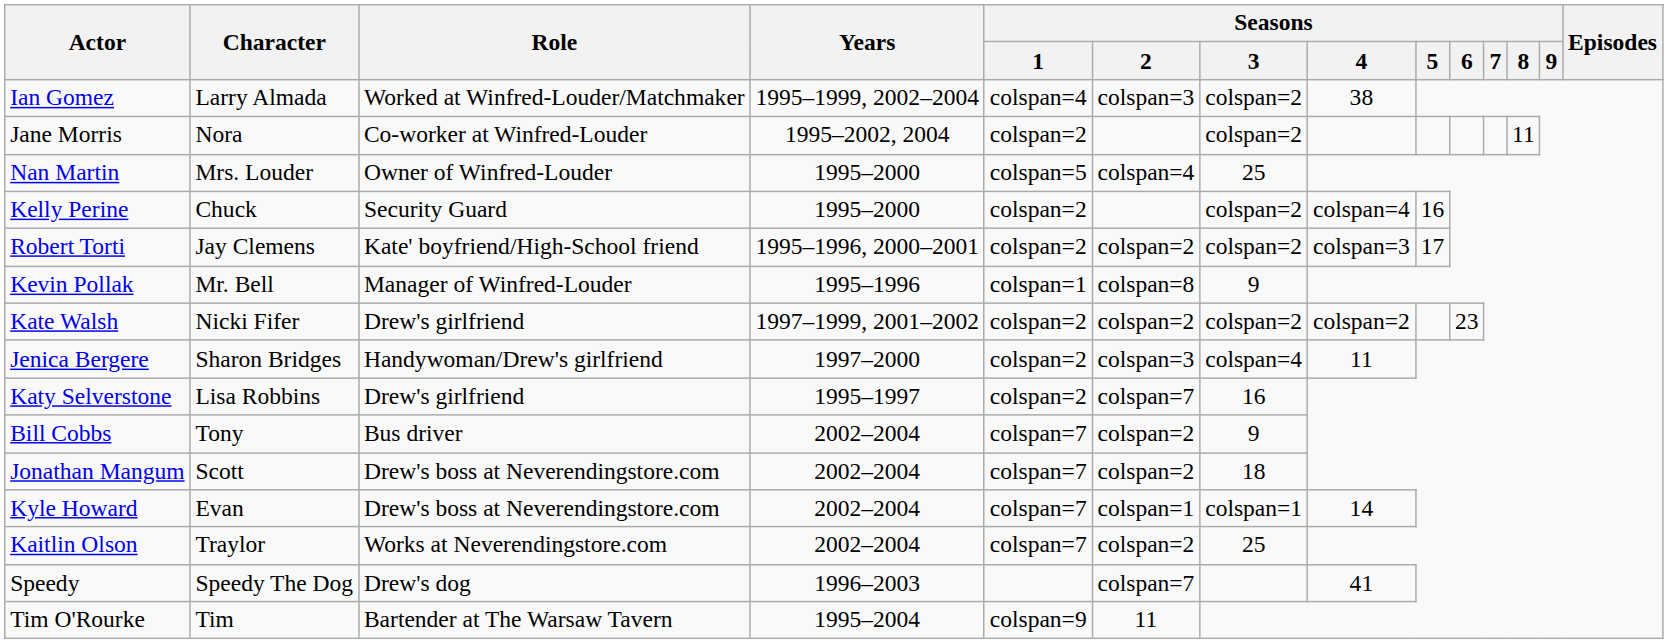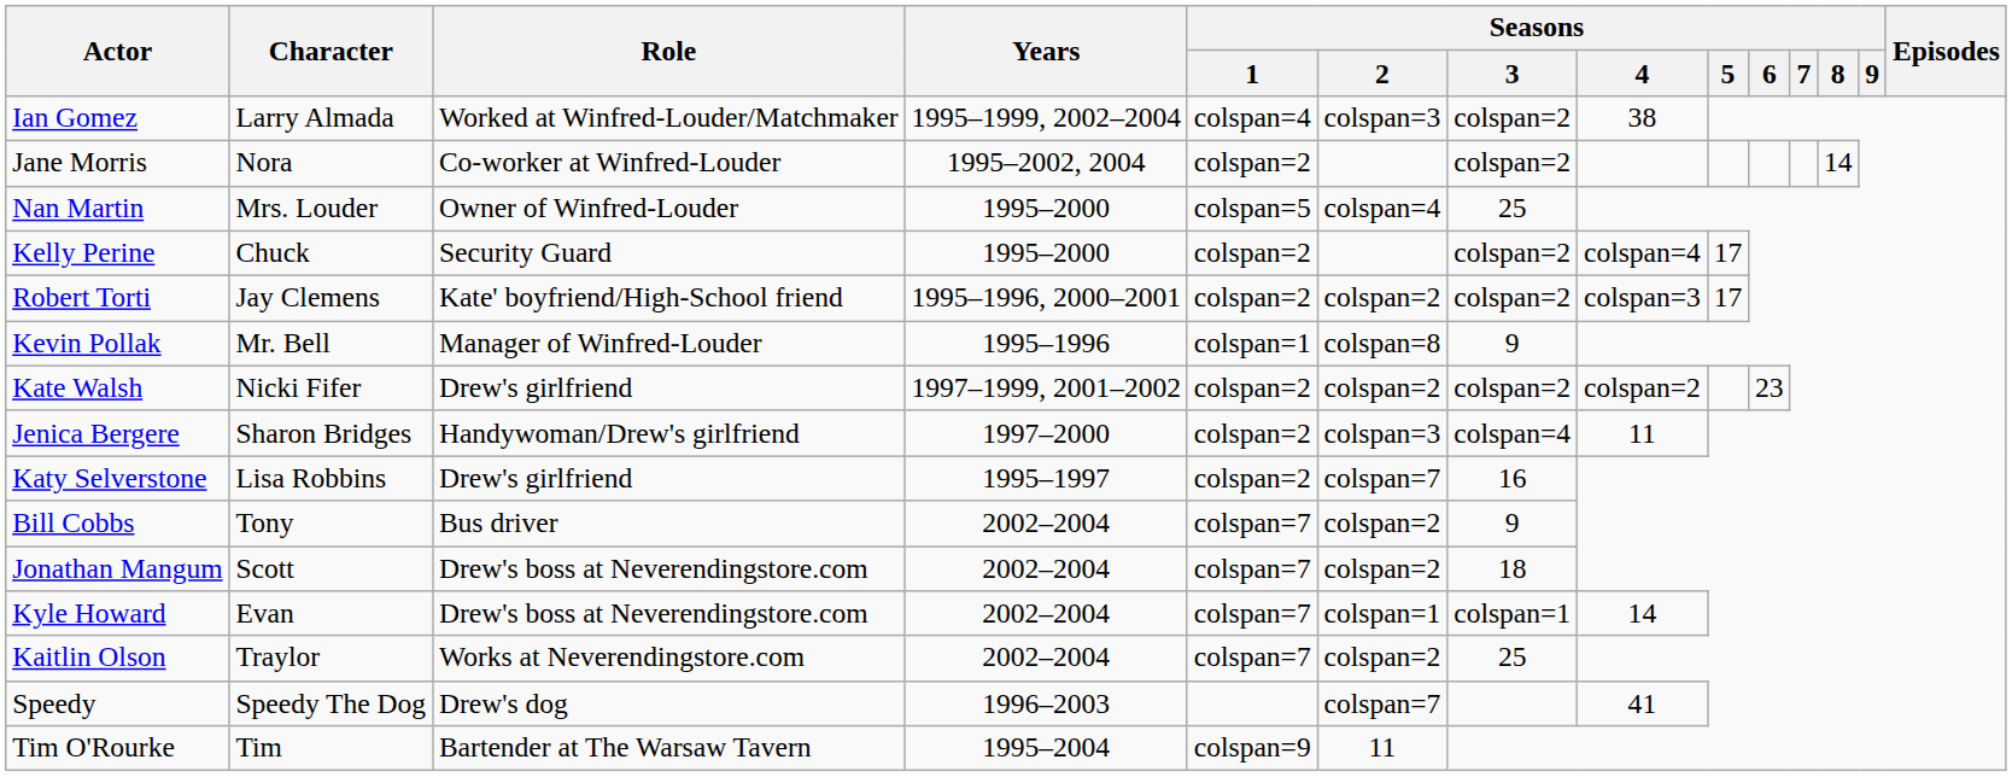 <table class="wikitable sortable">
 <tr>
 <th rowspan="2">Actor</th>
 <th rowspan="2">Character</th>
 <th rowspan="2">Role</th>
 <th rowspan="2">Years</th>
 <th colspan="9">Seasons</th>
 <th rowspan="2">Episodes</th>
 </tr>
 <tr>
 <th>1</th>
 <th>2</th>
 <th>3</th>
 <th>4</th>
 <th>5</th>
 <th>6</th>
 <th>7</th>
 <th>8</th>
 <th>9</th>
 </tr>
 <tr>
 <td><a href='#'>Ian Gomez</a></td>
 <td>Larry Almada</td>
 <td>Worked at Winfred-Louder/Matchmaker</td>
 <td rowspan="1" align="center">1995–1999, 2002–2004</td>
 <td>colspan=4 </td>
 <td>colspan=3 </td>
 <td>colspan=2 </td>
 <td rowspan="1" align="center">38</td>
 </tr>
 <tr>
 <td>Jane Morris</td>
 <td>Nora</td>
 <td>Co-worker at Winfred-Louder</td>
 <td rowspan="1" align="center">1995–2002, 2004</td>
 <td>colspan=2 </td>
 <td></td>
 <td>colspan=2 </td>
 <td></td>
 <td></td>
 <td></td>
 <td></td>
-<td rowspan="1" align="center">11</td>
+<td rowspan="1" align="center">14</td>
 </tr>
 <tr>
 <td><a href='#'>Nan Martin</a></td>
 <td>Mrs. Louder</td>
 <td>Owner of Winfred-Louder</td>
 <td rowspan="1" align="center">1995–2000</td>
 <td>colspan=5 </td>
 <td>colspan=4 </td>
 <td rowspan="1" align="center">25</td>
 </tr>
 <tr>
 <td><a href='#'>Kelly Perine</a></td>
 <td>Chuck</td>
 <td>Security Guard</td>
 <td rowspan="1" align="center">1995–2000</td>
 <td>colspan=2 </td>
 <td></td>
 <td>colspan=2 </td>
 <td>colspan=4 </td>
-<td rowspan="1" align="center">16</td>
+<td rowspan="1" align="center">17</td>
 </tr>
 <tr>
 <td><a href='#'>Robert Torti</a></td>
 <td>Jay Clemens</td>
 <td>Kate' boyfriend/High-School friend</td>
 <td rowspan="1" align="center">1995–1996, 2000–2001</td>
 <td>colspan=2 </td>
 <td>colspan=2 </td>
 <td>colspan=2 </td>
 <td>colspan=3 </td>
 <td rowspan="1" align="center">17</td>
 </tr>
 <tr>
 <td><a href='#'>Kevin Pollak</a></td>
 <td>Mr. Bell</td>
 <td>Manager of Winfred-Louder</td>
 <td rowspan="1" align="center">1995–1996</td>
 <td>colspan=1 </td>
 <td>colspan=8 </td>
 <td rowspan="1" align="center">9</td>
 </tr>
 <tr>
 <td><a href='#'>Kate Walsh</a></td>
 <td>Nicki Fifer</td>
 <td>Drew's girlfriend</td>
 <td rowspan="1" align="center">1997–1999, 2001–2002</td>
 <td>colspan=2 </td>
 <td>colspan=2 </td>
 <td>colspan=2 </td>
 <td>colspan=2 </td>
 <td></td>
 <td rowspan="1" align="center">23</td>
 </tr>
 <tr>
 <td><a href='#'>Jenica Bergere</a></td>
 <td>Sharon Bridges</td>
 <td>Handywoman/Drew's girlfriend</td>
 <td rowspan="1" align="center">1997–2000</td>
 <td>colspan=2 </td>
 <td>colspan=3 </td>
 <td>colspan=4 </td>
 <td rowspan="1" align="center">11</td>
 </tr>
 <tr>
 <td><a href='#'>Katy Selverstone</a></td>
 <td>Lisa Robbins</td>
 <td>Drew's girlfriend</td>
 <td rowspan="1" align="center">1995–1997</td>
 <td>colspan=2 </td>
 <td>colspan=7 </td>
 <td rowspan="1" align="center">16</td>
 </tr>
 <tr>
 <td><a href='#'>Bill Cobbs</a></td>
 <td>Tony</td>
 <td>Bus driver</td>
 <td rowspan="1" align="center">2002–2004</td>
 <td>colspan=7 </td>
 <td>colspan=2 </td>
 <td rowspan="1" align="center">9</td>
 </tr>
 <tr>
 <td><a href='#'>Jonathan Mangum</a></td>
 <td>Scott</td>
 <td>Drew's boss at Neverendingstore.com</td>
 <td rowspan="1" align="center">2002–2004</td>
 <td>colspan=7 </td>
 <td>colspan=2 </td>
 <td rowspan="1" align="center">18</td>
 </tr>
 <tr>
 <td><a href='#'>Kyle Howard</a></td>
 <td>Evan</td>
 <td>Drew's boss at Neverendingstore.com</td>
 <td rowspan="1" align="center">2002–2004</td>
 <td>colspan=7 </td>
 <td>colspan=1 </td>
 <td>colspan=1 </td>
 <td rowspan="1" align="center">14</td>
 </tr>
 <tr>
 <td><a href='#'>Kaitlin Olson</a></td>
 <td>Traylor</td>
 <td>Works at Neverendingstore.com</td>
 <td rowspan="1" align="center">2002–2004</td>
 <td>colspan=7 </td>
 <td>colspan=2 </td>
 <td rowspan="1" align="center">25</td>
 </tr>
 <tr>
 <td>Speedy</td>
 <td>Speedy The Dog</td>
 <td>Drew's dog</td>
 <td rowspan="1" align=center>1996–2003</td>
 <td></td>
 <td>colspan=7 </td>
 <td></td>
 <td rowspan="1" align="center">41</td>
 </tr>
 <tr>
 <td>Tim O'Rourke</td>
 <td>Tim</td>
 <td>Bartender at The Warsaw Tavern</td>
 <td rowspan="1" align="center">1995–2004</td>
 <td>colspan=9 </td>
 <td rowspan="1" align="center">11</td>
 </tr>
 </table>
